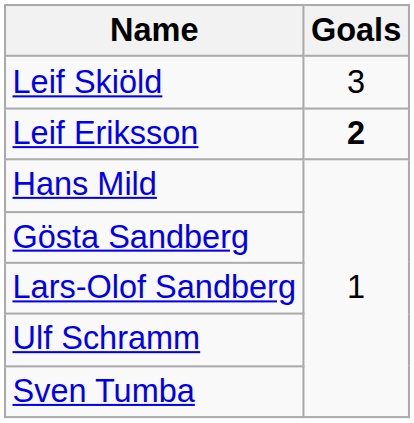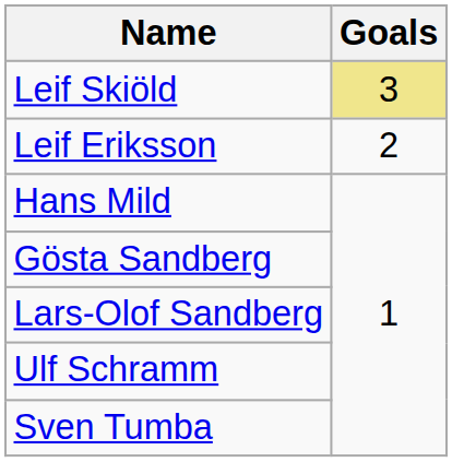 <table class="wikitable">
 <tr>
 <th>Name</th>
 <th>Goals</th>
 </tr>
 <tr>
 <td> <a href='#'>Leif Skiöld</a></td>
-<td style="text-align:center;">3</td>
+<td style="background: khaki; text-align:center;">3</td>
 </tr>
 <tr>
 <td> <a href='#'>Leif Eriksson</a></td>
-<td style="text-align:center;"><strong>2</strong></td>
+<td style="text-align:center;">2</td>
 </tr>
 <tr>
 <td> <a href='#'>Hans Mild</a></td>
 <td rowspan="5" style="text-align:center;">1</td>
 </tr>
 <tr>
 <td> <a href='#'>Gösta Sandberg</a></td>
 </tr>
 <tr>
 <td> <a href='#'>Lars-Olof Sandberg</a></td>
 </tr>
 <tr>
 <td> <a href='#'>Ulf Schramm</a></td>
 </tr>
 <tr>
 <td> <a href='#'>Sven Tumba</a></td>
 </tr>
 </table>
